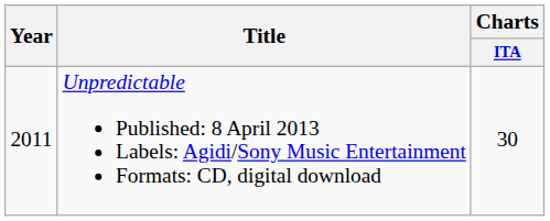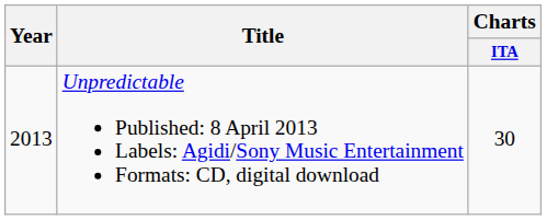 <table class="wikitable" style="text-align:center">
 <tr>
 <th rowspan="2">Year</th>
 <th rowspan="2">Title</th>
 <th>Charts</th>
 </tr>
 <tr>
 <th style="width:3em;font-size:75%"><a href='#'>ITA</a></th>
 </tr>
 <tr>
-<td>2011</td>
+<td>2013</td>
 <td align="left"><em><a href='#'>Unpredictable</a></em><br><ul><li>Published: 8 April 2013</li><li>Labels: <a href='#'>Agidi</a>/<a href='#'>Sony Music Entertainment</a></li><li>Formats: CD, digital download</li></ul></td>
 <td>30</td>
 </tr>
 </table>
